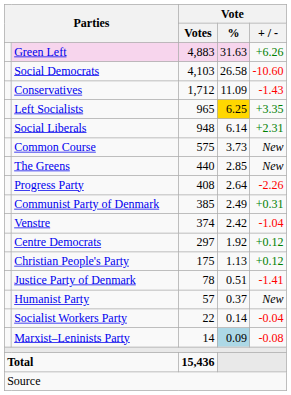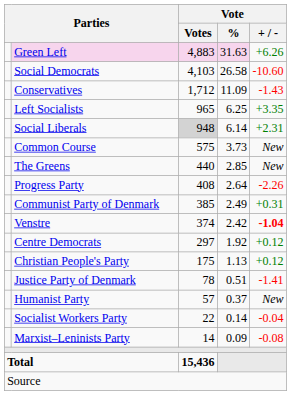 <table class="wikitable" style="text-align:right;">
 <tr>
 <th style="text-align:centre;" rowspan="2" colspan="2" width="225">Parties</th>
 <th colspan="3">Vote</th>
 </tr>
 <tr>
 <th width="15">Votes</th>
 <th width="15">%</th>
 <th width="15">+ / -</th>
 </tr>
 <tr>
 <td width="2" style="color:inherit;background:"></td>
 <td bgcolor=#f7d5ed  align="left"><a href='#'>Green Left</a></td>
 <td bgcolor=#f7d5ed>4,883</td>
 <td bgcolor=#f7d5ed>31.63</td>
 <td style=color:green;>+6.26</td>
 </tr>
 <tr>
 <td width="2" style="color:inherit;background:"></td>
 <td align="left"><a href='#'>Social Democrats</a></td>
 <td>4,103</td>
 <td>26.58</td>
 <td style=color:red;>-10.60</td>
 </tr>
 <tr>
 <td width="2" style="color:inherit;background:"></td>
 <td align="left"><a href='#'>Conservatives</a></td>
 <td>1,712</td>
 <td>11.09</td>
 <td style=color:red;>-1.43</td>
 </tr>
 <tr>
 <td width="2" style="color:inherit;background:"></td>
 <td align="left"><a href='#'>Left Socialists</a></td>
 <td>965</td>
-<td style="background: gold;">6.25</td>
+<td>6.25</td>
 <td style=color:green;>+3.35</td>
 </tr>
 <tr>
 <td width="2" style="color:inherit;background:"></td>
 <td align="left"><a href='#'>Social Liberals</a></td>
-<td>948</td>
+<td style="background: lightgrey;">948</td>
 <td>6.14</td>
 <td style=color:green;>+2.31</td>
 </tr>
 <tr>
 <td width="2" style="color:inherit;background:"></td>
 <td align="left"><a href='#'>Common Course</a></td>
 <td>575</td>
 <td>3.73</td>
 <td><em>New</em></td>
 </tr>
 <tr>
 <td width="2" style="color:inherit;background:"></td>
 <td align="left"><a href='#'>The Greens</a></td>
 <td>440</td>
 <td>2.85</td>
 <td><em>New</em></td>
 </tr>
 <tr>
 <td width="2" style="color:inherit;background:"></td>
 <td align="left"><a href='#'>Progress Party</a></td>
 <td>408</td>
 <td>2.64</td>
 <td style=color:red;>-2.26</td>
 </tr>
 <tr>
 <td width="2" style="color:inherit;background:"></td>
 <td align="left"><a href='#'>Communist Party of Denmark</a></td>
 <td>385</td>
 <td>2.49</td>
 <td style=color:green;>+0.31</td>
 </tr>
 <tr>
 <td width="2" style="color:inherit;background:"></td>
 <td align="left"><a href='#'>Venstre</a></td>
 <td>374</td>
 <td>2.42</td>
-<td style=color:red;>-1.04</td>
+<td style=color:red;><strong>-1.04</strong></td>
 </tr>
 <tr>
 <td width="2" style="color:inherit;background:"></td>
 <td align="left"><a href='#'>Centre Democrats</a></td>
 <td>297</td>
 <td>1.92</td>
 <td style=color:green;>+0.12</td>
 </tr>
 <tr>
 <td width="2" style="color:inherit;background:"></td>
 <td align="left"><a href='#'>Christian People's Party</a></td>
 <td>175</td>
 <td>1.13</td>
 <td style=color:green;>+0.12</td>
 </tr>
 <tr>
 <td width="2" style="color:inherit;background:"></td>
 <td align="left"><a href='#'>Justice Party of Denmark</a></td>
 <td>78</td>
 <td>0.51</td>
 <td style=color:red;>-1.41</td>
 </tr>
 <tr>
 <td width="2" style="color:inherit;background:"></td>
 <td align="left"><a href='#'>Humanist Party</a></td>
 <td>57</td>
 <td>0.37</td>
 <td><em>New</em></td>
 </tr>
 <tr>
 <td width="2" style="color:inherit;background:"></td>
 <td align="left"><a href='#'>Socialist Workers Party</a></td>
 <td>22</td>
 <td>0.14</td>
 <td style=color:red;>-0.04</td>
 </tr>
 <tr>
 <td width="2" style="color:inherit;background:"></td>
 <td align="left"><a href='#'>Marxist–Leninists Party</a></td>
 <td>14</td>
-<td style="background: lightblue;">0.09</td>
+<td>0.09</td>
 <td style=color:red;>-0.08</td>
 </tr>
 <tr>
 <td colspan="7" bgcolor="#E9E9E9"></td>
 </tr>
 <tr>
 <td align="left" colspan="2"><strong>Total</strong></td>
 <td><strong>15,436</strong></td>
 <td bgcolor="#E9E9E9" colspan="2"></td>
 </tr>
 <tr>
 <td align="left" colspan="6">Source</td>
 </tr>
 </table>
